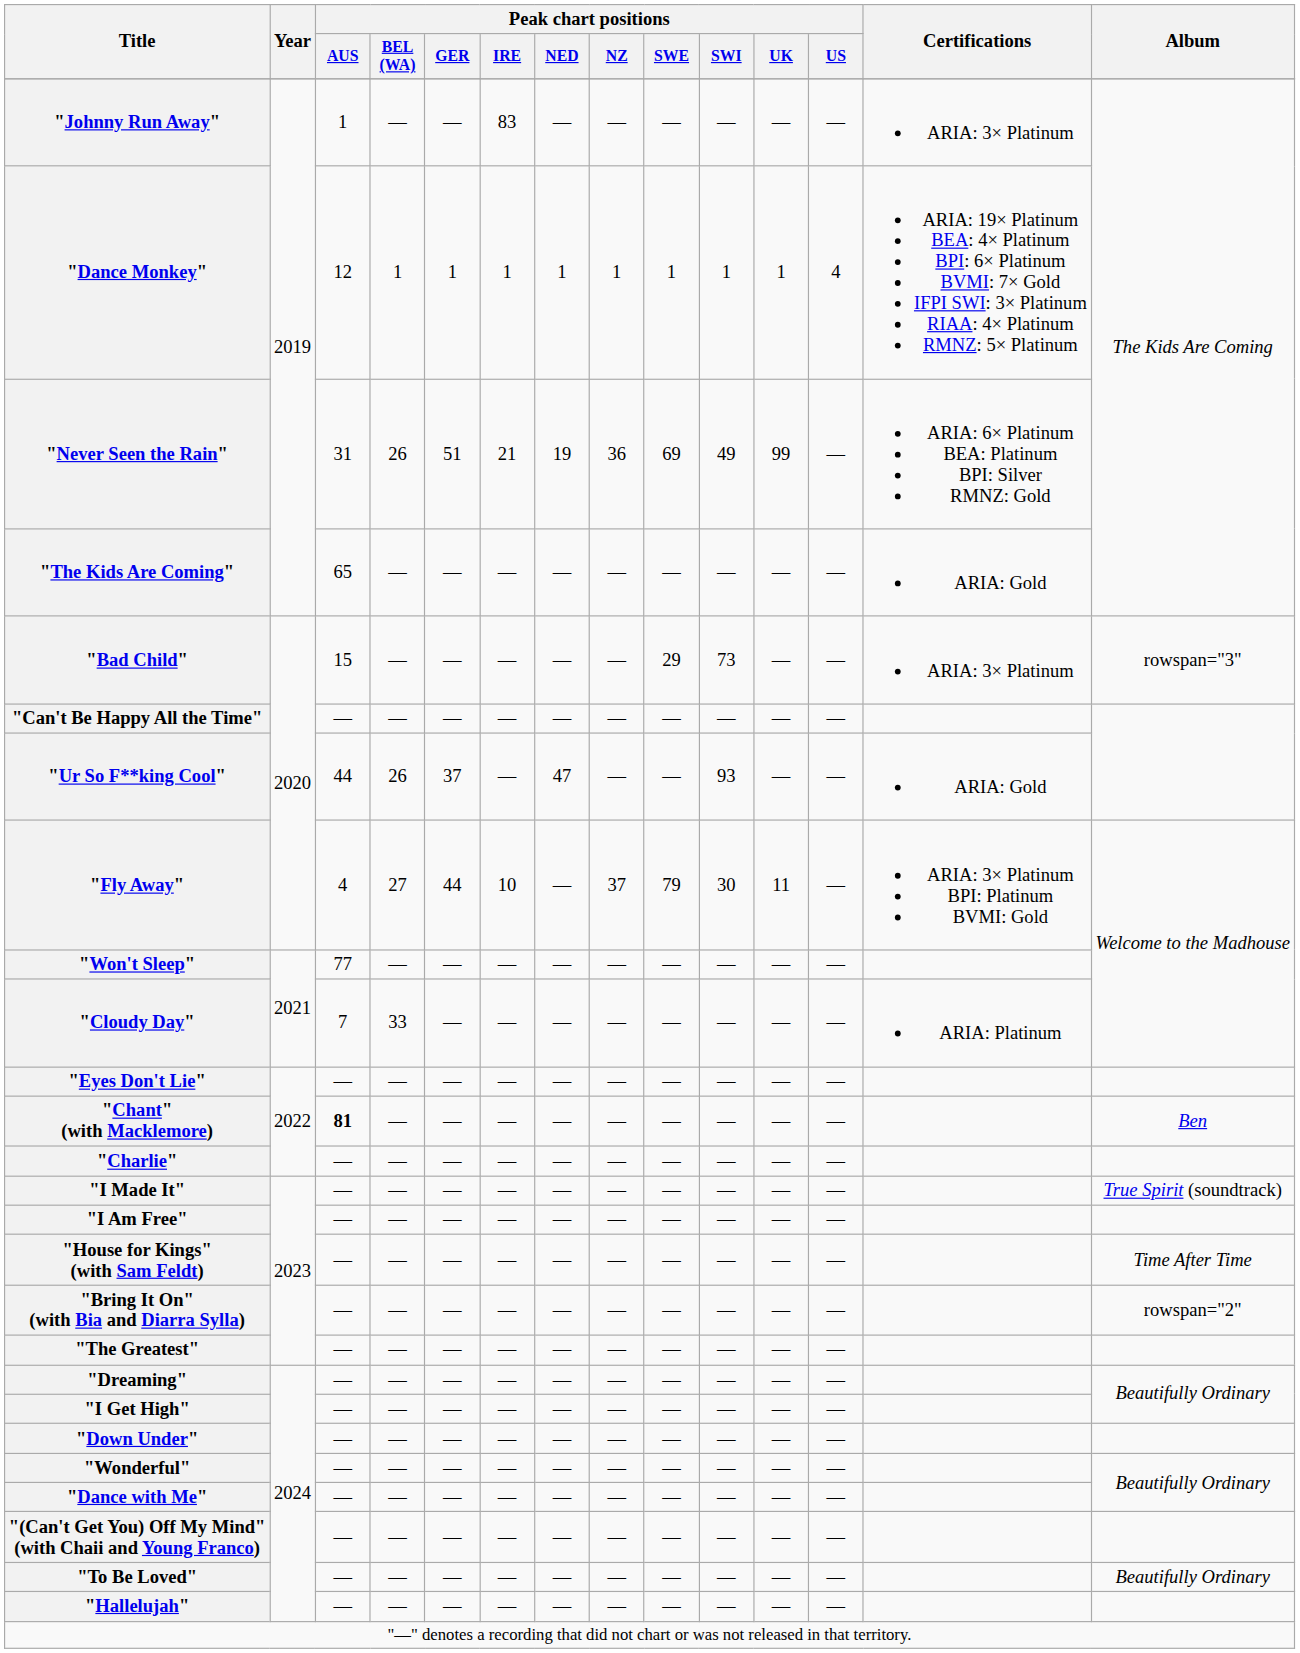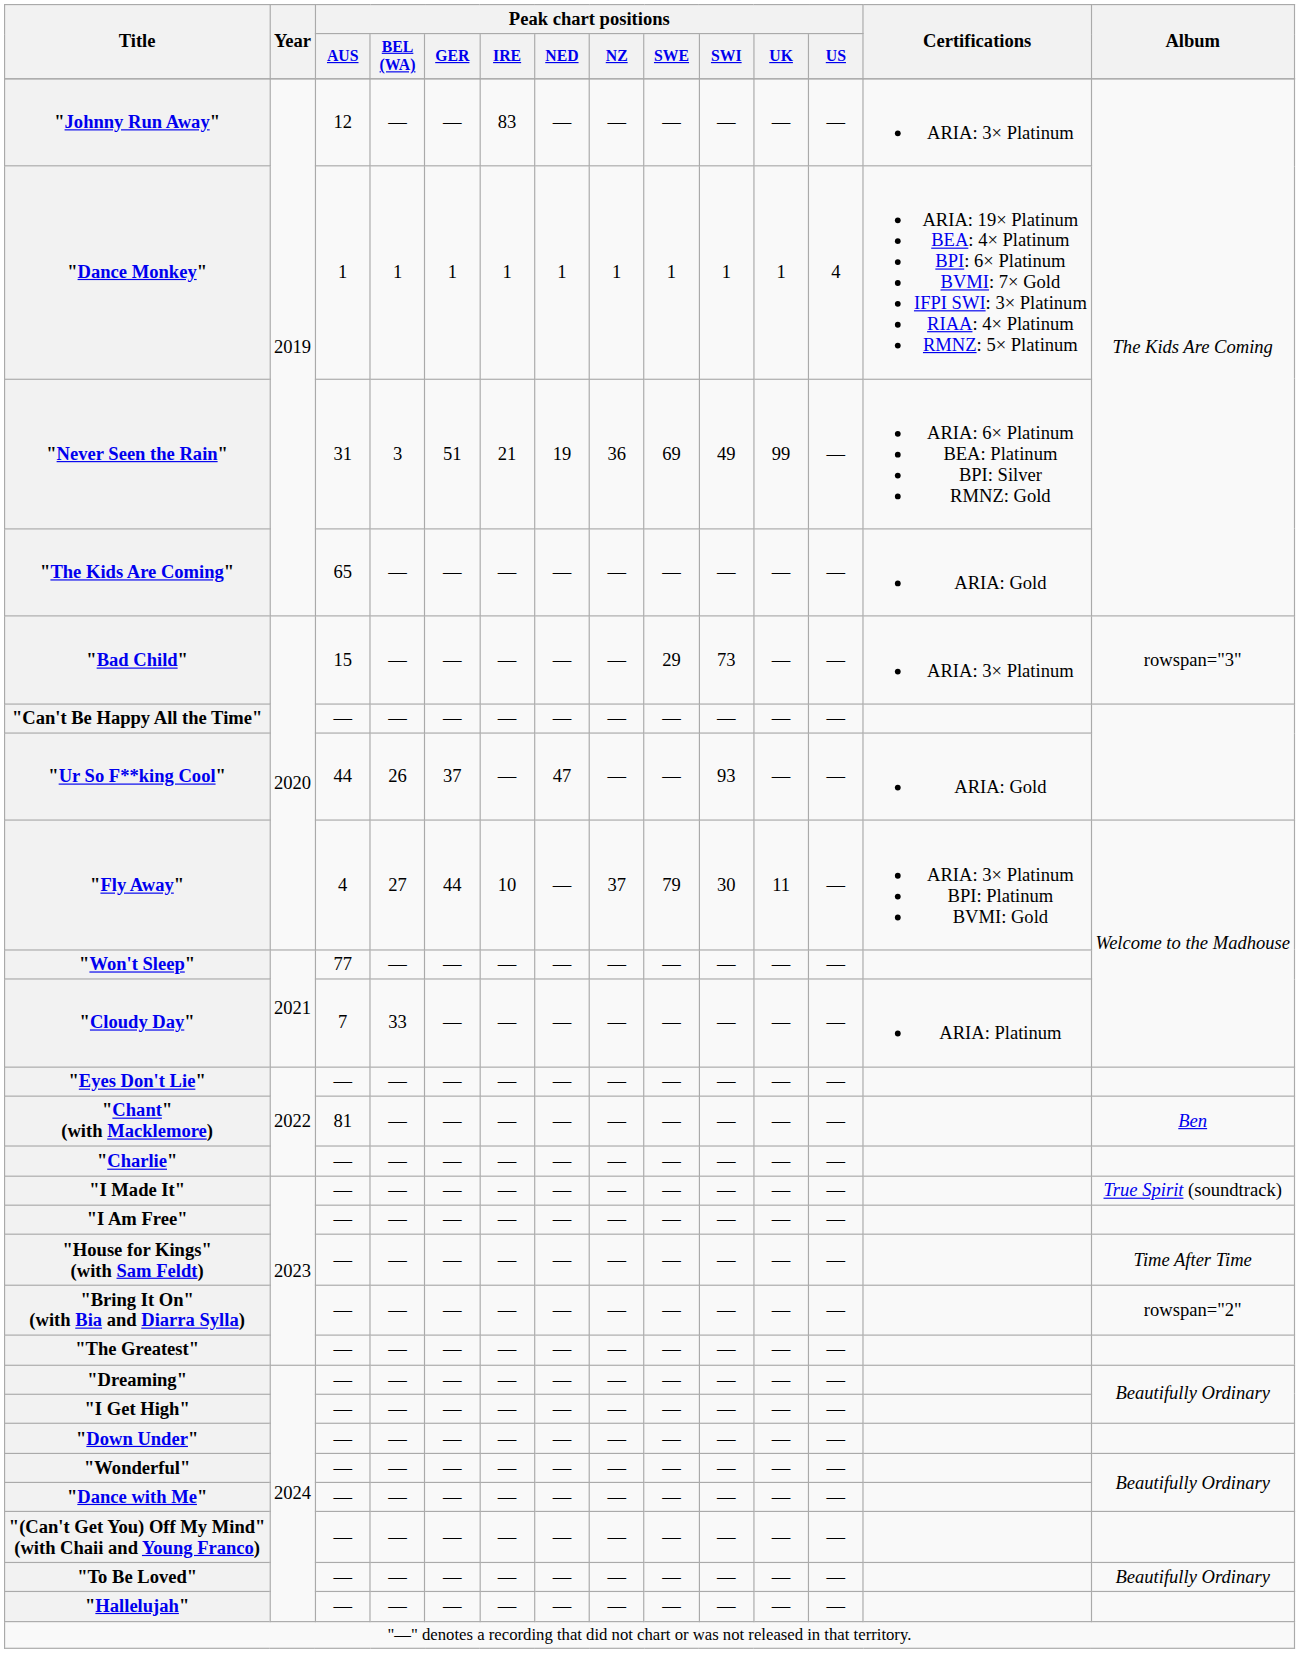 <table class="wikitable plainrowheaders" style="text-align:center">
 <tr>
 <th scope="col" rowspan="2">Title</th>
 <th scope="col" rowspan="2">Year</th>
 <th scope="col" colspan="10">Peak chart positions</th>
 <th scope="col" rowspan="2">Certifications</th>
 <th scope="col" rowspan="2">Album</th>
 </tr>
 <tr>
 <th scope="col" style="width:3em;font-size:85%;"><a href='#'>AUS</a><br></th>
 <th scope="col" style="width:3em;font-size:85%;"><a href='#'>BEL<br>(WA)</a><br></th>
 <th scope="col" style="width:3em;font-size:85%;"><a href='#'>GER</a><br></th>
 <th scope="col" style="width:3em;font-size:85%;"><a href='#'>IRE</a><br></th>
 <th scope="col" style="width:3em;font-size:85%;"><a href='#'>NED</a><br></th>
 <th scope="col" style="width:3em;font-size:85%;"><a href='#'>NZ</a><br></th>
 <th scope="col" style="width:3em;font-size:85%;"><a href='#'>SWE</a><br></th>
 <th scope="col" style="width:3em;font-size:85%;"><a href='#'>SWI</a><br></th>
 <th scope="col" style="width:3em;font-size:85%;"><a href='#'>UK</a><br></th>
 <th scope="col" style="width:3em;font-size:85%;"><a href='#'>US</a><br></th>
 </tr>
 <tr>
 </tr>
 <tr>
 <th scope="row">"<a href='#'>Johnny Run Away</a>"</th>
 <td rowspan="4">2019</td>
-<td>1</td>
+<td>12</td>
 <td>—</td>
 <td>—</td>
 <td>83</td>
 <td>—</td>
 <td>—</td>
 <td>—</td>
 <td>—</td>
 <td>—</td>
 <td>—</td>
 <td><br><ul><li>ARIA: 3× Platinum</li></ul></td>
 <td rowspan="4"><em>The Kids Are Coming</em></td>
 </tr>
 <tr>
 <th scope="row">"<a href='#'>Dance Monkey</a>"</th>
-<td>12</td>
+<td>1</td>
 <td>1</td>
 <td>1</td>
 <td>1</td>
 <td>1</td>
 <td>1</td>
 <td>1</td>
 <td>1</td>
 <td>1</td>
 <td>4</td>
 <td><br><ul><li>ARIA: 19× Platinum</li><li><a href='#'>BEA</a>: 4× Platinum</li><li><a href='#'>BPI</a>: 6× Platinum</li><li><a href='#'>BVMI</a>: 7× Gold</li><li><a href='#'>IFPI SWI</a>: 3× Platinum</li><li><a href='#'>RIAA</a>: 4× Platinum</li><li><a href='#'>RMNZ</a>: 5× Platinum</li></ul></td>
 </tr>
 <tr>
 <th scope="row">"<a href='#'>Never Seen the Rain</a>"</th>
 <td>31</td>
-<td>26</td>
+<td>3</td>
 <td>51</td>
 <td>21</td>
 <td>19</td>
 <td>36</td>
 <td>69</td>
 <td>49</td>
 <td>99</td>
 <td>—</td>
 <td><br><ul><li>ARIA: 6× Platinum</li><li>BEA: Platinum</li><li>BPI: Silver</li><li>RMNZ: Gold</li></ul></td>
 </tr>
 <tr>
 <th scope="row">"<a href='#'>The Kids Are Coming</a>"</th>
 <td>65</td>
 <td>—</td>
 <td>—</td>
 <td>—</td>
 <td>—</td>
 <td>—</td>
 <td>—</td>
 <td>—</td>
 <td>—</td>
 <td>—</td>
 <td><br><ul><li>ARIA: Gold</li></ul></td>
 </tr>
 <tr>
 <th scope="row">"<a href='#'>Bad Child</a>"</th>
 <td rowspan="4">2020</td>
 <td>15</td>
 <td>—</td>
 <td>—</td>
 <td>—</td>
 <td>—</td>
 <td>—</td>
 <td>29</td>
 <td>73</td>
 <td>—</td>
 <td>—</td>
 <td><br><ul><li>ARIA: 3× Platinum</li></ul></td>
 <td>rowspan="3" </td>
 </tr>
 <tr>
 <th scope="row">"Can't Be Happy All the Time"</th>
 <td>—</td>
 <td>—</td>
 <td>—</td>
 <td>—</td>
 <td>—</td>
 <td>—</td>
 <td>—</td>
 <td>—</td>
 <td>—</td>
 <td>—</td>
 <td></td>
 </tr>
 <tr>
 <th scope="row">"<a href='#'>Ur So F**king Cool</a>"</th>
 <td>44</td>
 <td>26</td>
 <td>37</td>
 <td>—</td>
 <td>47</td>
 <td>—</td>
 <td>—</td>
 <td>93</td>
 <td>—</td>
 <td>—</td>
 <td><br><ul><li>ARIA: Gold</li></ul></td>
 </tr>
 <tr>
 <th scope="row">"<a href='#'>Fly Away</a>"</th>
 <td>4</td>
 <td>27</td>
 <td>44</td>
 <td>10</td>
 <td>—</td>
 <td>37</td>
 <td>79</td>
 <td>30</td>
 <td>11</td>
 <td>—</td>
 <td><br><ul><li>ARIA: 3× Platinum</li><li>BPI: Platinum</li><li>BVMI: Gold</li></ul></td>
 <td rowspan="3"><em>Welcome to the Madhouse</em></td>
 </tr>
 <tr>
 <th scope="row">"<a href='#'>Won't Sleep</a>"</th>
 <td rowspan="2">2021</td>
 <td>77</td>
 <td>—</td>
 <td>—</td>
 <td>—</td>
 <td>—</td>
 <td>—</td>
 <td>—</td>
 <td>—</td>
 <td>—</td>
 <td>—</td>
 <td></td>
 </tr>
 <tr>
 <th scope="row">"<a href='#'>Cloudy Day</a>"</th>
 <td>7</td>
 <td>33</td>
 <td>—</td>
 <td>—</td>
 <td>—</td>
 <td>—</td>
 <td>—</td>
 <td>—</td>
 <td>—</td>
 <td>—</td>
 <td><br><ul><li>ARIA: Platinum</li></ul></td>
 </tr>
 <tr>
 <th scope="row">"<a href='#'>Eyes Don't Lie</a>"</th>
 <td rowspan="3">2022</td>
 <td>—</td>
 <td>—</td>
 <td>—</td>
 <td>—</td>
 <td>—</td>
 <td>—</td>
 <td>—</td>
 <td>—</td>
 <td>—</td>
 <td>—</td>
 <td></td>
 <td></td>
 </tr>
 <tr>
 <th scope="row">"<a href='#'>Chant</a>"<br><span>(with <a href='#'>Macklemore</a>)</span></th>
-<td><strong>81</strong></td>
+<td>81</td>
 <td>—</td>
 <td>—</td>
 <td>—</td>
 <td>—</td>
 <td>—</td>
 <td>—</td>
 <td>—</td>
 <td>—</td>
 <td>—</td>
 <td></td>
 <td><em><a href='#'>Ben</a></em></td>
 </tr>
 <tr>
 <th scope="row">"<a href='#'>Charlie</a>"</th>
 <td>—</td>
 <td>—</td>
 <td>—</td>
 <td>—</td>
 <td>—</td>
 <td>—</td>
 <td>—</td>
 <td>—</td>
 <td>—</td>
 <td>—</td>
 <td></td>
 <td></td>
 </tr>
 <tr>
 <th scope="row">"I Made It"</th>
 <td rowspan="5">2023</td>
 <td>—</td>
 <td>—</td>
 <td>—</td>
 <td>—</td>
 <td>—</td>
 <td>—</td>
 <td>—</td>
 <td>—</td>
 <td>—</td>
 <td>—</td>
 <td></td>
 <td><em><a href='#'>True Spirit</a></em> (soundtrack)</td>
 </tr>
 <tr>
 <th scope="row">"I Am Free"</th>
 <td>—</td>
 <td>—</td>
 <td>—</td>
 <td>—</td>
 <td>—</td>
 <td>—</td>
 <td>—</td>
 <td>—</td>
 <td>—</td>
 <td>—</td>
 <td></td>
 <td></td>
 </tr>
 <tr>
 <th scope="row">"House for Kings"<br><span>(with <a href='#'>Sam Feldt</a>)</span></th>
 <td>—</td>
 <td>—</td>
 <td>—</td>
 <td>—</td>
 <td>—</td>
 <td>—</td>
 <td>—</td>
 <td>—</td>
 <td>—</td>
 <td>—</td>
 <td></td>
 <td><em>Time After Time</em></td>
 </tr>
 <tr>
 <th scope="row">"Bring It On"<br><span>(with <a href='#'>Bia</a> and <a href='#'>Diarra Sylla</a>)</span></th>
 <td>—</td>
 <td>—</td>
 <td>—</td>
 <td>—</td>
 <td>—</td>
 <td>—</td>
 <td>—</td>
 <td>—</td>
 <td>—</td>
 <td>—</td>
 <td></td>
 <td>rowspan="2" </td>
 </tr>
 <tr>
 <th scope="row">"The Greatest"</th>
 <td>—</td>
 <td>—</td>
 <td>—</td>
 <td>—</td>
 <td>—</td>
 <td>—</td>
 <td>—</td>
 <td>—</td>
 <td>—</td>
 <td>—</td>
 <td></td>
 </tr>
 <tr>
 <th scope="row">"Dreaming"</th>
 <td rowspan="8">2024</td>
 <td>—</td>
 <td>—</td>
 <td>—</td>
 <td>—</td>
 <td>—</td>
 <td>—</td>
 <td>—</td>
 <td>—</td>
 <td>—</td>
 <td>—</td>
 <td></td>
 <td rowspan="2"><em>Beautifully Ordinary</em></td>
 </tr>
 <tr>
 <th scope="row">"I Get High"</th>
 <td>—</td>
 <td>—</td>
 <td>—</td>
 <td>—</td>
 <td>—</td>
 <td>—</td>
 <td>—</td>
 <td>—</td>
 <td>—</td>
 <td>—</td>
 <td></td>
 </tr>
 <tr>
 <th scope="row">"<a href='#'>Down Under</a>"</th>
 <td>—</td>
 <td>—</td>
 <td>—</td>
 <td>—</td>
 <td>—</td>
 <td>—</td>
 <td>—</td>
 <td>—</td>
 <td>—</td>
 <td>—</td>
 <td></td>
 <td></td>
 </tr>
 <tr>
 <th scope="row">"Wonderful"</th>
 <td>—</td>
 <td>—</td>
 <td>—</td>
 <td>—</td>
 <td>—</td>
 <td>—</td>
 <td>—</td>
 <td>—</td>
 <td>—</td>
 <td>—</td>
 <td></td>
 <td rowspan="2"><em>Beautifully Ordinary</em></td>
 </tr>
 <tr>
 <th scope="row">"<a href='#'>Dance with Me</a>"</th>
 <td>—</td>
 <td>—</td>
 <td>—</td>
 <td>—</td>
 <td>—</td>
 <td>—</td>
 <td>—</td>
 <td>—</td>
 <td>—</td>
 <td>—</td>
 <td></td>
 </tr>
 <tr>
 <th scope="row">"(Can't Get You) Off My Mind"<br><span>(with Chaii and <a href='#'>Young Franco</a>)</span></th>
 <td>—</td>
 <td>—</td>
 <td>—</td>
 <td>—</td>
 <td>—</td>
 <td>—</td>
 <td>—</td>
 <td>—</td>
 <td>—</td>
 <td>—</td>
 <td></td>
 <td></td>
 </tr>
 <tr>
 <th scope="row">"To Be Loved"</th>
 <td>—</td>
 <td>—</td>
 <td>—</td>
 <td>—</td>
 <td>—</td>
 <td>—</td>
 <td>—</td>
 <td>—</td>
 <td>—</td>
 <td>—</td>
 <td></td>
 <td><em>Beautifully Ordinary</em></td>
 </tr>
 <tr>
 <th scope="row">"<a href='#'>Hallelujah</a>"</th>
 <td>—</td>
 <td>—</td>
 <td>—</td>
 <td>—</td>
 <td>—</td>
 <td>—</td>
 <td>—</td>
 <td>—</td>
 <td>—</td>
 <td>—</td>
 <td></td>
 <td></td>
 </tr>
 <tr>
 <td colspan="15" style="font-size:90%">"—" denotes a recording that did not chart or was not released in that territory.</td>
 </tr>
 </table>
